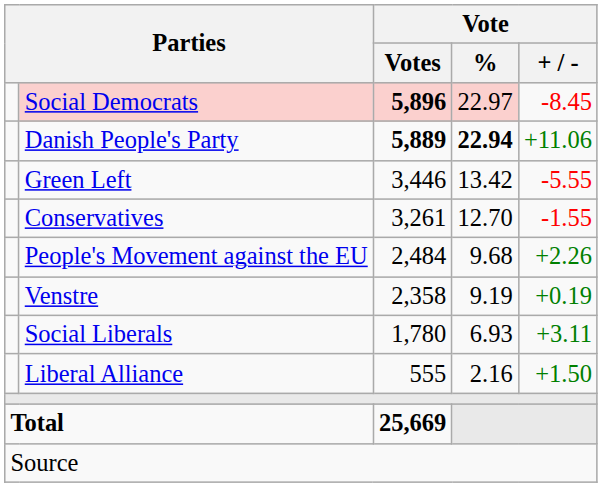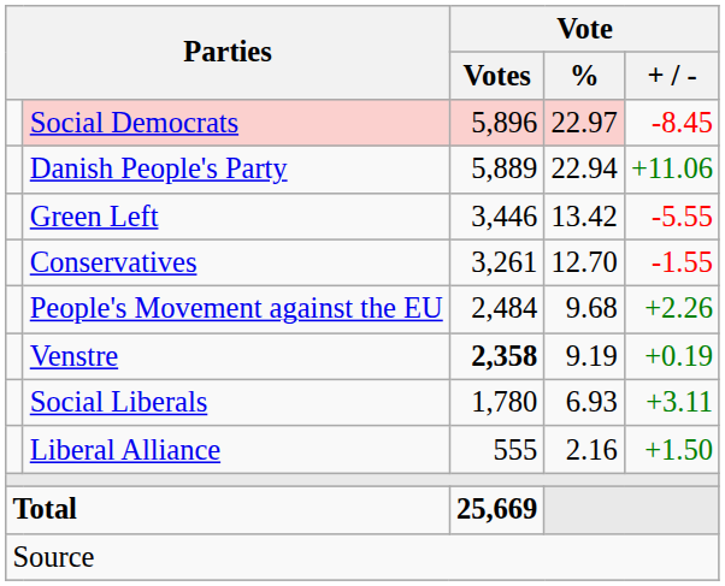 <table class="wikitable" style="text-align:right;">
 <tr>
 <th style="text-align:centre;" rowspan="2" colspan="2" width="225">Parties</th>
 <th colspan="3">Vote</th>
 </tr>
 <tr>
 <th width="15">Votes</th>
 <th width="15">%</th>
 <th width="15">+ / -</th>
 </tr>
 <tr>
 <td width="2" style="color:inherit;background:"></td>
 <td bgcolor=#fbd0ce   align="left"><a href='#'>Social Democrats</a></td>
-<td bgcolor=#fbd0ce><strong>5,896</strong></td>
+<td bgcolor=#fbd0ce>5,896</td>
 <td bgcolor=#fbd0ce>22.97</td>
 <td style=color:red;>-8.45</td>
 </tr>
 <tr>
 <td width="2" style="color:inherit;background:"></td>
 <td align="left"><a href='#'>Danish People's Party</a></td>
-<td><strong>5,889</strong></td>
-<td><strong>22.94</strong></td>
+<td>5,889</td>
+<td>22.94</td>
 <td style=color:green;>+11.06</td>
 </tr>
 <tr>
 <td width="2" style="color:inherit;background:"></td>
 <td align="left"><a href='#'>Green Left</a></td>
 <td>3,446</td>
 <td>13.42</td>
 <td style=color:red;>-5.55</td>
 </tr>
 <tr>
 <td width="2" style="color:inherit;background:"></td>
 <td align="left"><a href='#'>Conservatives</a></td>
 <td>3,261</td>
 <td>12.70</td>
 <td style=color:red;>-1.55</td>
 </tr>
 <tr>
 <td width="2" style="color:inherit;background:"></td>
 <td align="left"><a href='#'>People's Movement against the EU</a></td>
 <td>2,484</td>
 <td>9.68</td>
 <td style=color:green;>+2.26</td>
 </tr>
 <tr>
 <td width="2" style="color:inherit;background:"></td>
 <td align="left"><a href='#'>Venstre</a></td>
-<td>2,358</td>
+<td><strong>2,358</strong></td>
 <td>9.19</td>
 <td style=color:green;>+0.19</td>
 </tr>
 <tr>
 <td width="2" style="color:inherit;background:"></td>
 <td align="left"><a href='#'>Social Liberals</a></td>
 <td>1,780</td>
 <td>6.93</td>
 <td style=color:green;>+3.11</td>
 </tr>
 <tr>
 <td width="2" style="color:inherit;background:"></td>
 <td align="left"><a href='#'>Liberal Alliance</a></td>
 <td>555</td>
 <td>2.16</td>
 <td style=color:green;>+1.50</td>
 </tr>
 <tr>
 <td colspan="7" bgcolor="#E9E9E9"></td>
 </tr>
 <tr>
 <td align="left" colspan="2"><strong>Total</strong></td>
 <td><strong>25,669</strong></td>
 <td bgcolor="#E9E9E9" colspan="2"></td>
 </tr>
 <tr>
 <td align="left" colspan="6">Source</td>
 </tr>
 </table>
